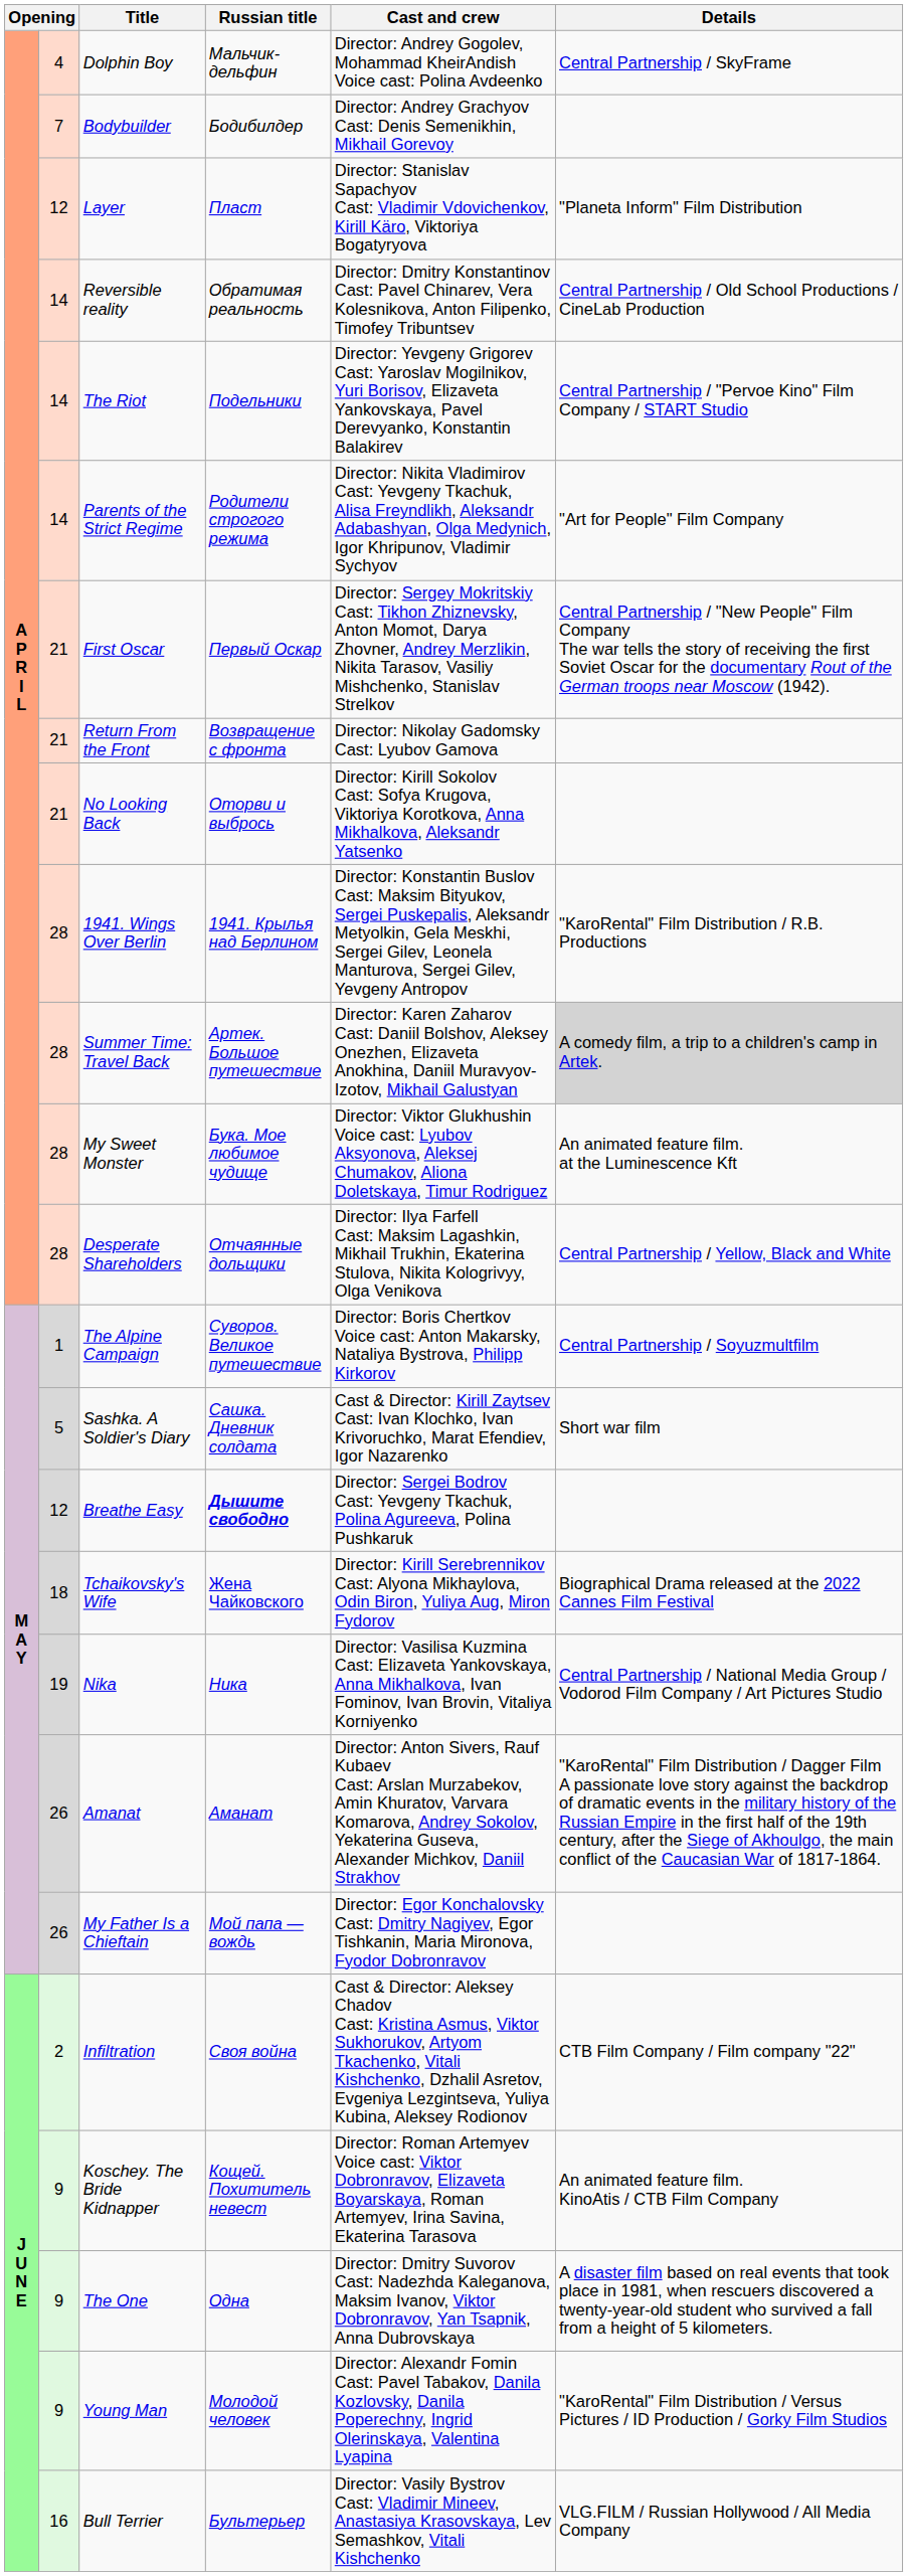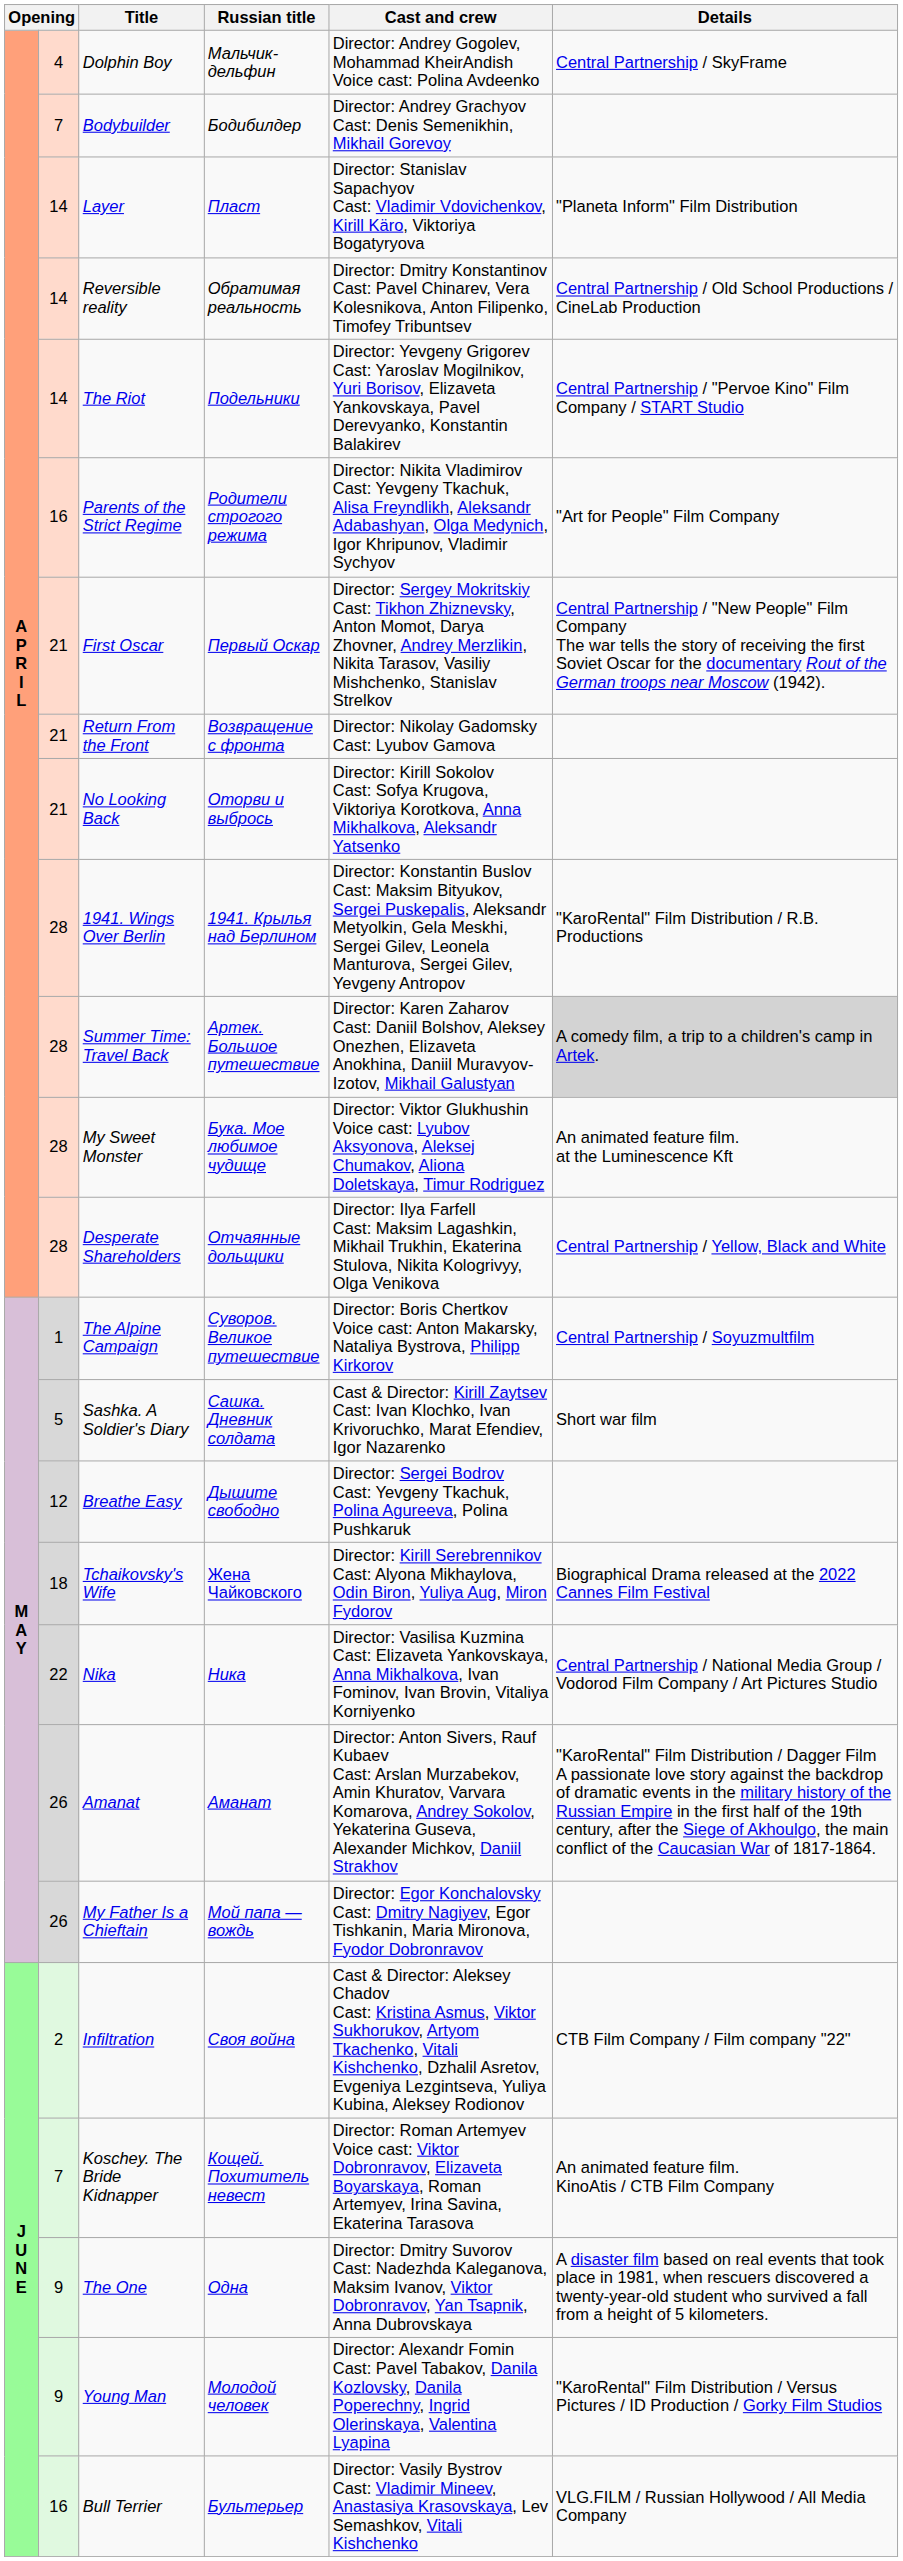 <table class="wikitable">
 <tr>
 <th colspan="2">Opening</th>
 <th style="width:14%;">Title</th>
 <th style="width:14%;">Russian title</th>
 <th style="width:25%;">Cast and crew</th>
 <th>Details</th>
 </tr>
 <tr>
 <th rowspan="13" align="center" style="background:#ffa07a; textcolor:#000;">A<br>P<br>R<br>I<br>L</th>
 <td align="center" style="background:#ffdacc;">4</td>
 <td><em>Dolphin Boy</em></td>
 <td><em>Мальчик-дельфин</em></td>
 <td>Director: Andrey Gogolev, Mohammad KheirAndish <br> Voice cast: Polina Avdeenko</td>
 <td><a href='#'>Central Partnership</a> / SkyFrame</td>
 </tr>
 <tr>
 <td align="center" style="background:#ffdacc;">7</td>
 <td><em><a href='#'>Bodybuilder</a></em></td>
 <td><em>Бодибилдер</em></td>
 <td>Director: Andrey Grachyov<br> Cast: Denis Semenikhin, <a href='#'>Mikhail Gorevoy</a></td>
 <td></td>
 </tr>
 <tr>
-<td align="center" style="background:#ffdacc;">12</td>
+<td align="center" style="background:#ffdacc;">14</td>
 <td><em><a href='#'>Layer</a></em></td>
 <td><em><a href='#'>Пласт</a></em></td>
 <td>Director: Stanislav Sapachyov <br> Cast: <a href='#'>Vladimir Vdovichenkov</a>, <a href='#'>Kirill Käro</a>, Viktoriya Bogatyryova</td>
 <td>"Planeta Inform" Film Distribution</td>
 </tr>
 <tr>
 <td align="center" style="background:#ffdacc;">14</td>
 <td><em>Reversible reality</em></td>
 <td><em>Обратимая реальность</em></td>
 <td>Director: Dmitry Konstantinov <br> Cast: Pavel Chinarev, Vera Kolesnikova, Anton Filipenko, Timofey Tribuntsev</td>
 <td><a href='#'>Central Partnership</a> / Old School Productions / CineLab Production</td>
 </tr>
 <tr>
 <td align="center" style="background:#ffdacc;">14</td>
 <td><em><a href='#'>The Riot</a></em></td>
 <td><em><a href='#'>Подельники</a></em></td>
 <td>Director: Yevgeny Grigorev <br> Cast: Yaroslav Mogilnikov, <a href='#'>Yuri Borisov</a>, Elizaveta Yankovskaya, Pavel Derevyanko, Konstantin Balakirev</td>
 <td><a href='#'>Central Partnership</a> / "Pervoe Kino" Film Company / <a href='#'>START Studio</a></td>
 </tr>
 <tr>
-<td align="center" style="background:#ffdacc;">14</td>
+<td align="center" style="background:#ffdacc;">16</td>
 <td><em><a href='#'>Parents of the Strict Regime</a></em></td>
 <td><em><a href='#'>Родители строгого режима</a></em></td>
 <td>Director: Nikita Vladimirov <br> Cast: Yevgeny Tkachuk, <a href='#'>Alisa Freyndlikh</a>, <a href='#'>Aleksandr Adabashyan</a>, <a href='#'>Olga Medynich</a>, Igor Khripunov, Vladimir Sychyov</td>
 <td>"Art for People" Film Company</td>
 </tr>
 <tr>
 <td align="center" style="background:#ffdacc;">21</td>
 <td><em><a href='#'>First Oscar</a></em></td>
 <td><em><a href='#'>Первый Оскар</a></em></td>
 <td>Director: <a href='#'>Sergey Mokritskiy</a> <br> Cast: <a href='#'>Tikhon Zhiznevsky</a>, Anton Momot, Darya Zhovner, <a href='#'>Andrey Merzlikin</a>, Nikita Tarasov, Vasiliy Mishchenko, Stanislav Strelkov</td>
 <td><a href='#'>Central Partnership</a> / "New People" Film Company <br> The war tells the story of receiving the first Soviet Oscar for the <a href='#'>documentary</a> <em><a href='#'>Rout of the German troops near Moscow</a></em> (1942).</td>
 </tr>
 <tr>
 <td align="center" style="background:#ffdacc;">21</td>
 <td><em><a href='#'>Return From the Front</a></em></td>
 <td><em><a href='#'>Возвращение с фронта</a></em></td>
 <td>Director: Nikolay Gadomsky <br> Cast: Lyubov Gamova</td>
 <td></td>
 </tr>
 <tr>
 <td align="center" style="background:#ffdacc;">21</td>
 <td><em><a href='#'>No Looking Back</a></em></td>
 <td><em><a href='#'>Оторви и выбрось</a></em></td>
 <td>Director: Kirill Sokolov <br> Cast: Sofya Krugova, Viktoriya Korotkova, <a href='#'>Anna Mikhalkova</a>, <a href='#'>Aleksandr Yatsenko</a></td>
 <td></td>
 </tr>
 <tr>
 <td align="center" style="background:#ffdacc;">28</td>
 <td><em><a href='#'>1941. Wings Over Berlin</a></em></td>
 <td><em><a href='#'>1941. Крылья над Берлином</a></em></td>
 <td>Director: Konstantin Buslov <br> Cast: Maksim Bityukov, <a href='#'>Sergei Puskepalis</a>, Aleksandr Metyolkin, Gela Meskhi, Sergei Gilev, Leonela Manturova, Sergei Gilev, Yevgeny Antropov</td>
 <td>"KaroRental" Film Distribution / R.B. Productions</td>
 </tr>
 <tr>
 <td align="center" style="background:#ffdacc;">28</td>
 <td><em><a href='#'>Summer Time: Travel Back</a></em></td>
 <td><em><a href='#'>Артек. Большое путешествие</a></em></td>
 <td>Director: Karen Zaharov <br> Cast: Daniil Bolshov, Aleksey Onezhen, Elizaveta Anokhina, Daniil Muravyov-Izotov, <a href='#'>Mikhail Galustyan</a></td>
 <td style="background: lightgrey;">A comedy film, a trip to a children's camp in <a href='#'>Artek</a>.</td>
 </tr>
 <tr>
 <td align="center" style="background:#ffdacc;">28</td>
 <td><em>My Sweet Monster</em></td>
 <td><em><a href='#'>Бука. Мое любимое чудище</a></em></td>
 <td>Director: Viktor Glukhushin <br> Voice cast: <a href='#'>Lyubov Aksyonova</a>, <a href='#'>Aleksej Chumakov</a>, <a href='#'>Aliona Doletskaya</a>, <a href='#'>Timur Rodriguez</a></td>
 <td>An animated feature film. <br>  at the Luminescence Kft</td>
 </tr>
 <tr>
 <td align="center" style="background:#ffdacc;">28</td>
 <td><em><a href='#'>Desperate Shareholders</a></em></td>
 <td><em><a href='#'>Отчаянные дольщики</a></em></td>
 <td>Director: Ilya Farfell <br> Cast: Maksim Lagashkin, Mikhail Trukhin, Ekaterina Stulova, Nikita Kologrivyy, Olga Venikova</td>
 <td><a href='#'>Central Partnership</a> / <a href='#'>Yellow, Black and White</a></td>
 </tr>
 <tr>
 <th rowspan="7" align="center" style="background:thistle; textcolor:#000;">M<br>A<br>Y</th>
 <td align="center" style="background:#d8d8d8;">1</td>
 <td><em><a href='#'>The Alpine Campaign</a></em></td>
 <td><em><a href='#'>Суворов. Великое путешествие</a></em></td>
 <td>Director: Boris Chertkov <br> Voice cast: Anton Makarsky, Nataliya Bystrova, <a href='#'>Philipp Kirkorov</a></td>
 <td><a href='#'>Central Partnership</a> / <a href='#'>Soyuzmultfilm</a></td>
 </tr>
 <tr>
 <td align="center" style="background:#d8d8d8;">5</td>
 <td><em>Sashka. A Soldier's Diary</em></td>
 <td><em><a href='#'>Сашка. Дневник солдата</a></em></td>
 <td>Cast & Director: <a href='#'>Kirill Zaytsev</a> <br> Cast: Ivan Klochko, Ivan Krivoruchko, Marat Efendiev, Igor Nazarenko</td>
 <td>Short war film</td>
 </tr>
 <tr>
 <td align="center" style="background:#d8d8d8;">12</td>
 <td><em><a href='#'>Breathe Easy</a></em></td>
-<td><strong><em><a href='#'>Дышите свободно</a></em></strong></td>
+<td><em><a href='#'>Дышите свободно</a></em></td>
 <td>Director: <a href='#'>Sergei Bodrov</a> <br> Cast: Yevgeny Tkachuk, <a href='#'>Polina Agureeva</a>, Polina Pushkaruk</td>
 <td></td>
 </tr>
 <tr>
 <td align="center" style="background:#d8d8d8;">18</td>
 <td><em><a href='#'>Tchaikovsky's Wife</a></em></td>
 <td><a href='#'>Жена Чайковского</a></td>
 <td>Director: <a href='#'>Kirill Serebrennikov</a> <br> Cast: Alyona Mikhaylova, <a href='#'>Odin Biron</a>, <a href='#'>Yuliya Aug</a>, <a href='#'>Miron Fydorov</a></td>
 <td>Biographical Drama released at the <a href='#'>2022 Cannes Film Festival</a></td>
 </tr>
 <tr>
-<td align="center" style="background:#d8d8d8;">19</td>
+<td align="center" style="background:#d8d8d8;">22</td>
 <td><em><a href='#'>Nika</a></em></td>
 <td><em><a href='#'>Ника</a></em></td>
 <td>Director: Vasilisa Kuzmina <br> Cast: Elizaveta Yankovskaya, <a href='#'>Anna Mikhalkova</a>, Ivan Fominov, Ivan Brovin, Vitaliya Korniyenko</td>
 <td><a href='#'>Central Partnership</a> / National Media Group / Vodorod Film Company / Art Pictures Studio</td>
 </tr>
 <tr>
 <td align="center" style="background:#d8d8d8;">26</td>
 <td><em><a href='#'>Amanat</a></em></td>
 <td><em><a href='#'>Аманат</a></em></td>
 <td>Director: Anton Sivers, Rauf Kubaev <br> Cast: Arslan Murzabekov, Amin Khuratov, Varvara Komarova, <a href='#'>Andrey Sokolov</a>, Yekaterina Guseva, Alexander Michkov, <a href='#'>Daniil Strakhov</a></td>
 <td>"KaroRental" Film Distribution / Dagger Film <br> A passionate love story against the backdrop of dramatic events in the <a href='#'>military history of the Russian Empire</a> in the first half of the 19th century, after the <a href='#'>Siege of Akhoulgo</a>, the main conflict of the <a href='#'>Caucasian War</a> of 1817-1864.</td>
 </tr>
 <tr>
 <td align="center" style="background:#d8d8d8;">26</td>
 <td><em><a href='#'>My Father Is a Chieftain</a></em></td>
 <td><em><a href='#'>Мой папа — вождь</a></em></td>
 <td>Director: <a href='#'>Egor Konchalovsky</a> <br> Cast: <a href='#'>Dmitry Nagiyev</a>, Egor Tishkanin, Maria Mironova, <a href='#'>Fyodor Dobronravov</a></td>
 <td></td>
 </tr>
 <tr>
 <th rowspan="5" style="text-align:center; background:#98fb98; textcolor:#000;">J<br>U<br>N<br>E</th>
 <td style="text-align:center; background:#e0f9e0;">2</td>
 <td><em><a href='#'>Infiltration</a></em></td>
 <td><em><a href='#'>Своя война</a></em></td>
 <td>Cast & Director: Aleksey Chadov <br> Cast: <a href='#'>Kristina Asmus</a>, <a href='#'>Viktor Sukhorukov</a>, <a href='#'>Artyom Tkachenko</a>, <a href='#'>Vitali Kishchenko</a>, Dzhalil Asretov, Evgeniya Lezgintseva, Yuliya Kubina, Aleksey Rodionov</td>
 <td>CTB Film Company / Film company "22"</td>
 </tr>
 <tr>
-<td align="center" style="background:#e0f9e0;">9</td>
+<td align="center" style="background:#e0f9e0;">7</td>
 <td><em>Koschey. The Bride Kidnapper</em></td>
 <td><em><a href='#'>Кощей. Похититель невест</a></em></td>
 <td>Director: Roman Artemyev <br> Voice cast: <a href='#'>Viktor Dobronravov</a>, <a href='#'>Elizaveta Boyarskaya</a>, Roman Artemyev, Irina Savina, Ekaterina Tarasova</td>
 <td>An animated feature film. <br> KinoAtis / CTB Film Company</td>
 </tr>
 <tr>
 <td align="center" style="background:#e0f9e0;">9</td>
 <td><em><a href='#'>The One</a></em></td>
 <td><em><a href='#'>Одна</a></em></td>
 <td>Director: Dmitry Suvorov <br> Cast: Nadezhda Kaleganova, Maksim Ivanov, <a href='#'>Viktor Dobronravov</a>, <a href='#'>Yan Tsapnik</a>, Anna Dubrovskaya</td>
 <td>A <a href='#'>disaster film</a> based on real events that took place in 1981, when rescuers discovered a twenty-year-old student who survived a fall from a height of 5 kilometers.</td>
 </tr>
 <tr>
 <td align="center" style="background:#e0f9e0;">9</td>
 <td><em><a href='#'>Young Man</a></em></td>
 <td><em><a href='#'>Молодой человек</a></em></td>
 <td>Director: Alexandr Fomin <br> Cast: Pavel Tabakov, <a href='#'>Danila Kozlovsky</a>, <a href='#'>Danila Poperechny</a>, <a href='#'>Ingrid Olerinskaya</a>, <a href='#'>Valentina Lyapina</a></td>
 <td>"KaroRental" Film Distribution / Versus Pictures / ID Production / <a href='#'>Gorky Film Studios</a></td>
 </tr>
 <tr>
 <td align="center" style="background:#e0f9e0;">16</td>
 <td><em>Bull Terrier</em></td>
 <td><em><a href='#'>Бультерьер</a></em></td>
 <td>Director: Vasily Bystrov <br> Cast: <a href='#'>Vladimir Mineev</a>, <a href='#'>Anastasiya Krasovskaya</a>, Lev Semashkov, <a href='#'>Vitali Kishchenko</a></td>
 <td>VLG.FILM / Russian Hollywood / All Media Company</td>
 </tr>
 <tr>
 </tr>
 </table>
